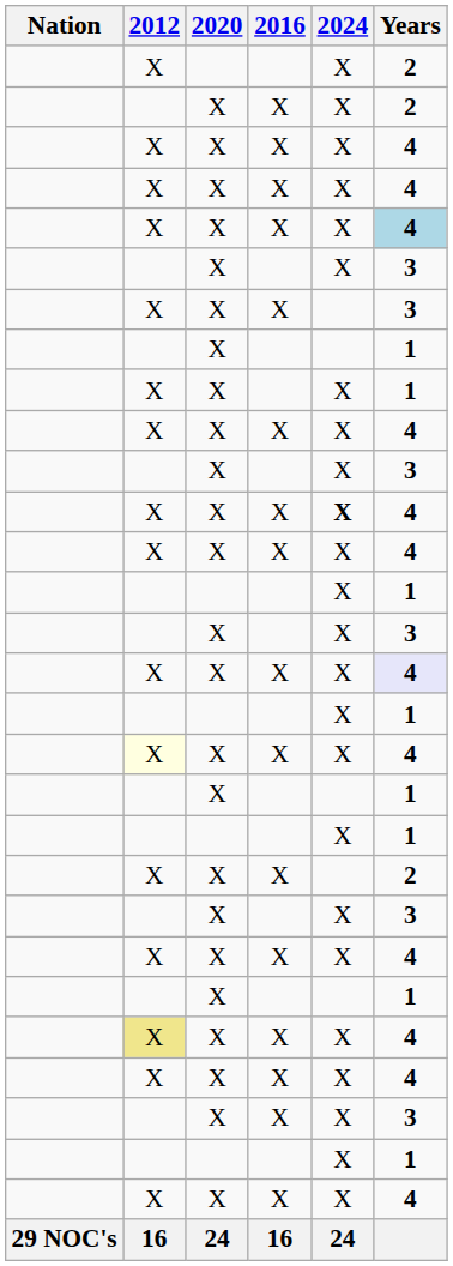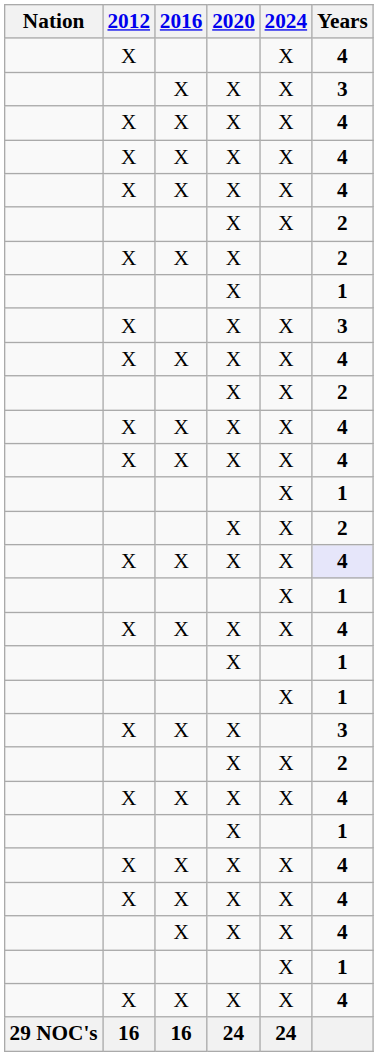 <table class="wikitable" style="text-align:center">
 <tr>
 <th>Nation</th>
 <th><a href='#'>2012</a></th>
+<th><a href='#'>2016</a></th>
 <th><a href='#'>2020</a></th>
-<th><a href='#'>2016</a></th>
 <th><a href='#'>2024</a></th>
 <th>Years</th>
 </tr>
 <tr>
 <td align=left></td>
 <td>X</td>
 <td></td>
 <td></td>
 <td>X</td>
-<td><strong>2</strong></td>
+<td><strong>4</strong></td>
 </tr>
 <tr>
 <td align=left></td>
 <td></td>
 <td>X</td>
 <td>X</td>
 <td>X</td>
-<td><strong>2</strong></td>
+<td><strong>3</strong></td>
 </tr>
 <tr>
 <td align=left></td>
 <td>X</td>
 <td>X</td>
 <td>X</td>
 <td>X</td>
 <td><strong>4</strong></td>
 </tr>
 <tr>
 <td align=left></td>
 <td>X</td>
 <td>X</td>
 <td>X</td>
 <td>X</td>
 <td><strong>4</strong></td>
 </tr>
 <tr>
 <td align=left></td>
 <td>X</td>
 <td>X</td>
 <td>X</td>
 <td>X</td>
-<td style="background: lightblue;"><strong>4</strong></td>
+<td><strong>4</strong></td>
 </tr>
 <tr>
 <td align=left></td>
 <td></td>
-<td>X</td>
 <td></td>
 <td>X</td>
-<td><strong>3</strong></td>
+<td>X</td>
+<td><strong>2</strong></td>
 </tr>
 <tr>
 <td align=left></td>
 <td>X</td>
 <td>X</td>
 <td>X</td>
 <td></td>
-<td><strong>3</strong></td>
+<td><strong>2</strong></td>
 </tr>
 <tr>
 <td align=left></td>
 <td></td>
+<td></td>
 <td>X</td>
-<td></td>
 <td></td>
 <td><strong>1</strong></td>
 </tr>
 <tr>
 <td align=left></td>
 <td>X</td>
-<td>X</td>
 <td></td>
 <td>X</td>
-<td><strong>1</strong></td>
+<td>X</td>
+<td><strong>3</strong></td>
 </tr>
 <tr>
 <td align=left></td>
 <td>X</td>
 <td>X</td>
 <td>X</td>
 <td>X</td>
 <td><strong>4</strong></td>
 </tr>
 <tr>
 <td align=left></td>
 <td></td>
-<td>X</td>
 <td></td>
 <td>X</td>
-<td><strong>3</strong></td>
+<td>X</td>
+<td><strong>2</strong></td>
 </tr>
 <tr>
 <td align=left></td>
 <td>X</td>
 <td>X</td>
 <td>X</td>
-<td><strong>X</strong></td>
+<td>X</td>
 <td><strong>4</strong></td>
 </tr>
 <tr>
 <td align=left></td>
 <td>X</td>
 <td>X</td>
 <td>X</td>
 <td>X</td>
 <td><strong>4</strong></td>
 </tr>
 <tr>
 <td align=left></td>
 <td></td>
 <td></td>
 <td></td>
 <td>X</td>
 <td><strong>1</strong></td>
 </tr>
 <tr>
 <td align=left></td>
 <td></td>
-<td>X</td>
 <td></td>
 <td>X</td>
-<td><strong>3</strong></td>
+<td>X</td>
+<td><strong>2</strong></td>
 </tr>
 <tr>
 <td align=left></td>
 <td>X</td>
 <td>X</td>
 <td>X</td>
 <td>X</td>
 <td style="background: lavender;"><strong>4</strong></td>
 </tr>
 <tr>
 <td align=left></td>
 <td></td>
 <td></td>
 <td></td>
 <td>X</td>
 <td><strong>1</strong></td>
 </tr>
 <tr>
 <td align=left></td>
-<td style="background: lightyellow;">X</td>
+<td>X</td>
 <td>X</td>
 <td>X</td>
 <td>X</td>
 <td><strong>4</strong></td>
 </tr>
 <tr>
 <td align=left></td>
 <td></td>
+<td></td>
 <td>X</td>
-<td></td>
 <td></td>
 <td><strong>1</strong></td>
 </tr>
 <tr>
 <td align=left></td>
 <td></td>
 <td></td>
 <td></td>
 <td>X</td>
 <td><strong>1</strong></td>
 </tr>
 <tr>
 <td align=left></td>
 <td>X</td>
 <td>X</td>
 <td>X</td>
 <td></td>
-<td><strong>2</strong></td>
+<td><strong>3</strong></td>
 </tr>
 <tr>
 <td align=left></td>
 <td></td>
-<td>X</td>
 <td></td>
 <td>X</td>
-<td><strong>3</strong></td>
+<td>X</td>
+<td><strong>2</strong></td>
 </tr>
 <tr>
 <td align=left></td>
 <td>X</td>
 <td>X</td>
 <td>X</td>
 <td>X</td>
 <td><strong>4</strong></td>
 </tr>
 <tr>
 <td align=left></td>
 <td></td>
+<td></td>
 <td>X</td>
-<td></td>
 <td></td>
 <td><strong>1</strong></td>
 </tr>
 <tr>
 <td align=left></td>
-<td style="background: khaki;">X</td>
+<td>X</td>
 <td>X</td>
 <td>X</td>
 <td>X</td>
 <td><strong>4</strong></td>
 </tr>
 <tr>
 <td align=left></td>
 <td>X</td>
 <td>X</td>
 <td>X</td>
 <td>X</td>
 <td><strong>4</strong></td>
 </tr>
 <tr>
 <td align=left></td>
 <td></td>
 <td>X</td>
 <td>X</td>
 <td>X</td>
-<td><strong>3</strong></td>
+<td><strong>4</strong></td>
 </tr>
 <tr>
 <td align=left></td>
 <td></td>
 <td></td>
 <td></td>
 <td>X</td>
 <td><strong>1</strong></td>
 </tr>
 <tr>
 <td align=left></td>
 <td>X</td>
 <td>X</td>
 <td>X</td>
 <td>X</td>
 <td><strong>4</strong></td>
 </tr>
 <tr>
 <th>29 NOC's</th>
 <th>16</th>
+<th>16</th>
 <th>24</th>
-<th>16</th>
 <th>24</th>
 <th></th>
 </tr>
 </table>
